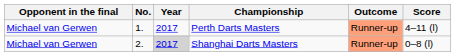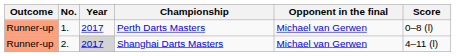 <table class="sortable wikitable">
 <tr>
-<th style="width:200px;">Opponent in the final</th>
+<th style="width:80px;">Outcome</th>
 <th style="width:20px;">No.</th>
 <th style="width:50px;">Year</th>
 <th style="width:250px;">Championship</th>
-<th style="width:80px;">Outcome</th>
+<th style="width:200px;">Opponent in the final</th>
 <th style="width:70px;">Score</th>
 </tr>
 <tr style=>
-<td> <a href='#'>Michael van Gerwen</a></td>
+<td style="background:#ffa07a">Runner-up</td>
 <td>1.</td>
 <td><a href='#'>2017</a></td>
 <td><a href='#'>Perth Darts Masters</a></td>
-<td style="background:#ffa07a">Runner-up</td>
-<td>4–11 (l)</td>
+<td> <a href='#'>Michael van Gerwen</a></td>
+<td>0–8 (l)</td>
 </tr>
 <tr>
-<td> <a href='#'>Michael van Gerwen</a></td>
+<td style="background:#ffa07a">Runner-up</td>
 <td>2.</td>
 <td style="background: lightgrey;"><a href='#'>2017</a></td>
 <td><a href='#'>Shanghai Darts Masters</a></td>
-<td style="background:#ffa07a">Runner-up</td>
-<td>0–8 (l)</td>
+<td> <a href='#'>Michael van Gerwen</a></td>
+<td>4–11 (l)</td>
 </tr>
 </table>
